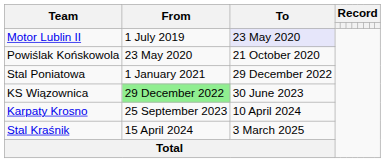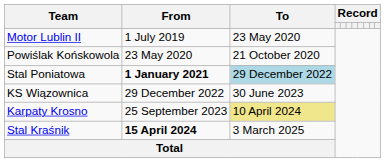 <table class="wikitable" style="text-align: center;">
 <tr>
 <th rowspan="2">Team</th>
 <th rowspan="2">From</th>
 <th rowspan="2">To</th>
 <th colspan="8">Record</th>
 </tr>
 <tr>
 <th></th>
 <th></th>
 <th></th>
 <th></th>
 <th></th>
 <th></th>
 <th></th>
 <th></th>
 </tr>
 <tr>
 <td align=left><a href='#'>Motor Lublin II</a></td>
 <td align=left>1 July 2019</td>
-<td align=left style="background: lavender;">23 May 2020<br></td>
+<td align=left>23 May 2020<br></td>
 </tr>
 <tr>
 <td align=left>Powiślak Końskowola</td>
 <td align=left>23 May 2020</td>
 <td align=left>21 October 2020<br></td>
 </tr>
 <tr>
 <td align=left>Stal Poniatowa</td>
-<td align=left>1 January 2021</td>
-<td align=left>29 December 2022<br></td>
+<td align=left><strong>1 January 2021</strong></td>
+<td align=left style="background: lightblue;">29 December 2022<br></td>
 </tr>
 <tr>
 <td align=left>KS Wiązownica</td>
-<td align=left style="background: lightgreen;">29 December 2022</td>
+<td align=left>29 December 2022</td>
 <td align=left>30 June 2023<br></td>
 </tr>
 <tr>
 <td align=left><a href='#'>Karpaty Krosno</a></td>
 <td align=left>25 September 2023</td>
-<td align=left>10 April 2024<br></td>
+<td align=left style="background: khaki;">10 April 2024<br></td>
 </tr>
 <tr>
 <td align=left><a href='#'>Stal Kraśnik</a></td>
-<td align=left>15 April 2024</td>
+<td align=left><strong>15 April 2024</strong></td>
 <td align=left>3 March 2025<br></td>
 </tr>
 <tr>
 <th colspan="3">Total<br></th>
 </tr>
 </table>
